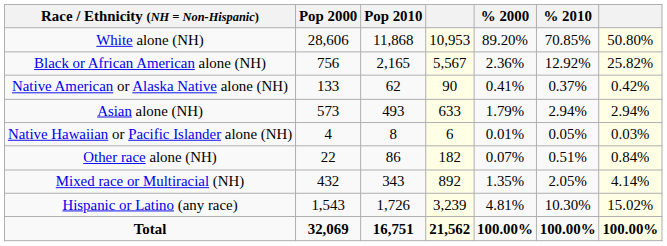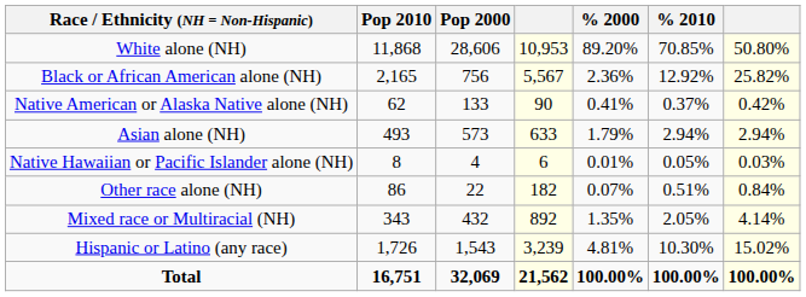 <table class="wikitable" style="text-align:center;">
 <tr>
 <th>Race / Ethnicity <small>(<em>NH = Non-Hispanic</em>)</small></th>
+<th>Pop 2010</th>
 <th>Pop 2000</th>
-<th>Pop 2010</th>
 <th></th>
 <th>% 2000</th>
 <th>% 2010</th>
 <th></th>
 </tr>
 <tr>
 <td><a href='#'>White</a> alone (NH)</td>
+<td>11,868</td>
 <td>28,606</td>
-<td>11,868</td>
 <td style='background: #ffffe6;'>10,953</td>
 <td>89.20%</td>
 <td>70.85%</td>
 <td style='background: #ffffe6;'>50.80%</td>
 </tr>
 <tr>
 <td><a href='#'>Black or African American</a> alone (NH)</td>
+<td>2,165</td>
 <td>756</td>
-<td>2,165</td>
 <td style='background: #ffffe6;'>5,567</td>
 <td>2.36%</td>
 <td>12.92%</td>
 <td style='background: #ffffe6;'>25.82%</td>
 </tr>
 <tr>
 <td><a href='#'>Native American</a> or <a href='#'>Alaska Native</a> alone (NH)</td>
+<td>62</td>
 <td>133</td>
-<td>62</td>
 <td style='background: #ffffe6;'>90</td>
 <td>0.41%</td>
 <td>0.37%</td>
 <td style='background: #ffffe6;'>0.42%</td>
 </tr>
 <tr>
 <td><a href='#'>Asian</a> alone (NH)</td>
+<td>493</td>
 <td>573</td>
-<td>493</td>
 <td style='background: #ffffe6;'>633</td>
 <td>1.79%</td>
 <td>2.94%</td>
 <td style='background: #ffffe6;'>2.94%</td>
 </tr>
 <tr>
 <td><a href='#'>Native Hawaiian</a> or <a href='#'>Pacific Islander</a> alone (NH)</td>
+<td>8</td>
 <td>4</td>
-<td>8</td>
 <td style='background: #ffffe6;'>6</td>
 <td>0.01%</td>
 <td>0.05%</td>
 <td style='background: #ffffe6;'>0.03%</td>
 </tr>
 <tr>
 <td><a href='#'>Other race</a> alone (NH)</td>
+<td>86</td>
 <td>22</td>
-<td>86</td>
 <td style='background: #ffffe6;'>182</td>
 <td>0.07%</td>
 <td>0.51%</td>
 <td style='background: #ffffe6;'>0.84%</td>
 </tr>
 <tr>
 <td><a href='#'>Mixed race or Multiracial</a> (NH)</td>
+<td>343</td>
 <td>432</td>
-<td>343</td>
 <td style='background: #ffffe6;'>892</td>
 <td>1.35%</td>
 <td>2.05%</td>
 <td style='background: #ffffe6;'>4.14%</td>
 </tr>
 <tr>
 <td><a href='#'>Hispanic or Latino</a> (any race)</td>
+<td>1,726</td>
 <td>1,543</td>
-<td>1,726</td>
 <td style='background: #ffffe6;'>3,239</td>
 <td>4.81%</td>
 <td>10.30%</td>
 <td style='background: #ffffe6;'>15.02%</td>
 </tr>
 <tr>
 <td><strong>Total</strong></td>
+<td><strong>16,751</strong></td>
 <td><strong>32,069</strong></td>
-<td><strong>16,751</strong></td>
 <td style='background: #ffffe6;'><strong>21,562</strong></td>
 <td><strong>100.00%</strong></td>
 <td><strong>100.00%</strong></td>
 <td style='background: #ffffe6;'><strong>100.00%</strong></td>
 </tr>
 </table>
